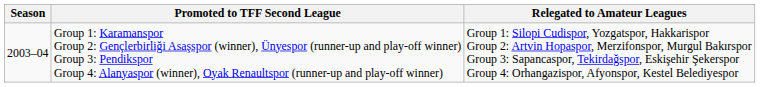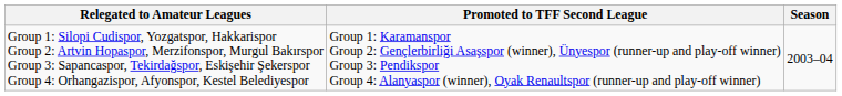 <table class="wikitable">
 <tr>
+<th>Relegated to Amateur Leagues</th>
+<th>Promoted to TFF Second League</th>
 <th>Season</th>
-<th>Promoted to TFF Second League</th>
-<th>Relegated to Amateur Leagues</th>
 </tr>
 <tr>
+<td>Group 1: <a href='#'>Silopi Cudispor</a>, Yozgatspor, Hakkarispor<br>Group 2: <a href='#'>Artvin Hopaspor</a>, Merzifonspor, Murgul Bakırspor<br>Group 3: Sapancaspor, <a href='#'>Tekirdağspor</a>, Eskişehir Şekerspor<br>Group 4: Orhangazispor, Afyonspor, Kestel Belediyespor</td>
+<td>Group 1: <a href='#'>Karamanspor</a><br>Group 2: <a href='#'>Gençlerbirliği Asaşspor</a> (winner), <a href='#'>Ünyespor</a> (runner-up and play-off winner)<br>Group 3: <a href='#'>Pendikspor</a><br>Group 4: <a href='#'>Alanyaspor</a> (winner), <a href='#'>Oyak Renaultspor</a> (runner-up and play-off winner)</td>
 <td>2003–04</td>
-<td>Group 1: <a href='#'>Karamanspor</a><br>Group 2: <a href='#'>Gençlerbirliği Asaşspor</a> (winner), <a href='#'>Ünyespor</a> (runner-up and play-off winner)<br>Group 3: <a href='#'>Pendikspor</a><br>Group 4: <a href='#'>Alanyaspor</a> (winner), <a href='#'>Oyak Renaultspor</a> (runner-up and play-off winner)</td>
-<td>Group 1: <a href='#'>Silopi Cudispor</a>, Yozgatspor, Hakkarispor<br>Group 2: <a href='#'>Artvin Hopaspor</a>, Merzifonspor, Murgul Bakırspor<br>Group 3: Sapancaspor, <a href='#'>Tekirdağspor</a>, Eskişehir Şekerspor<br>Group 4: Orhangazispor, Afyonspor, Kestel Belediyespor</td>
 </tr>
 </table>
